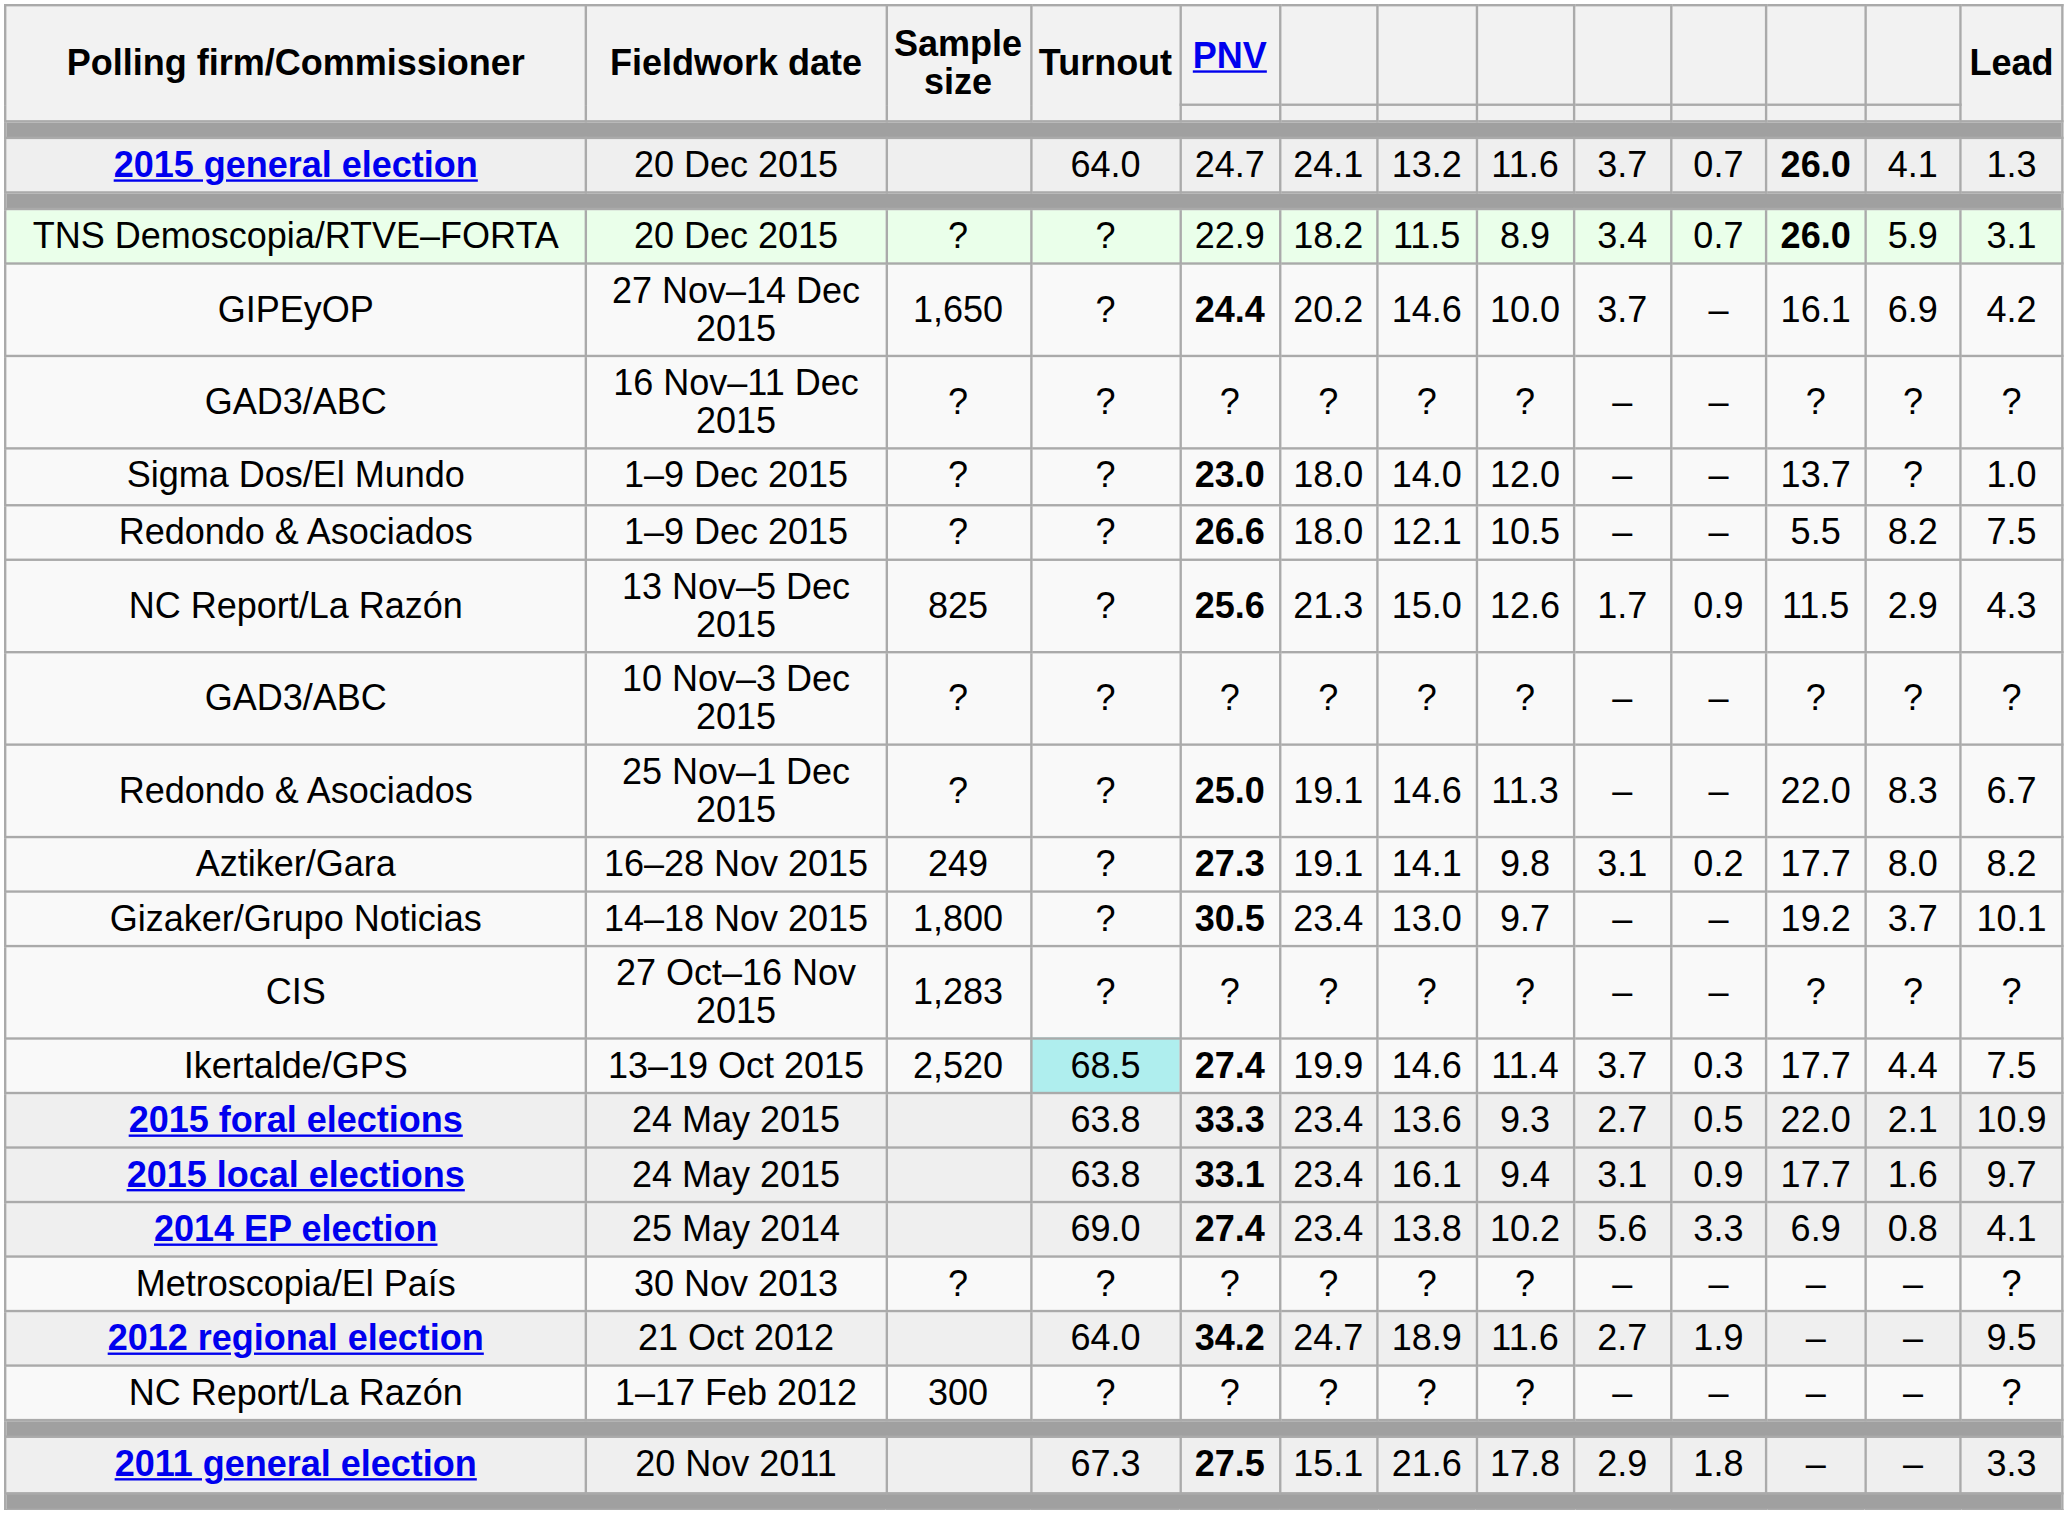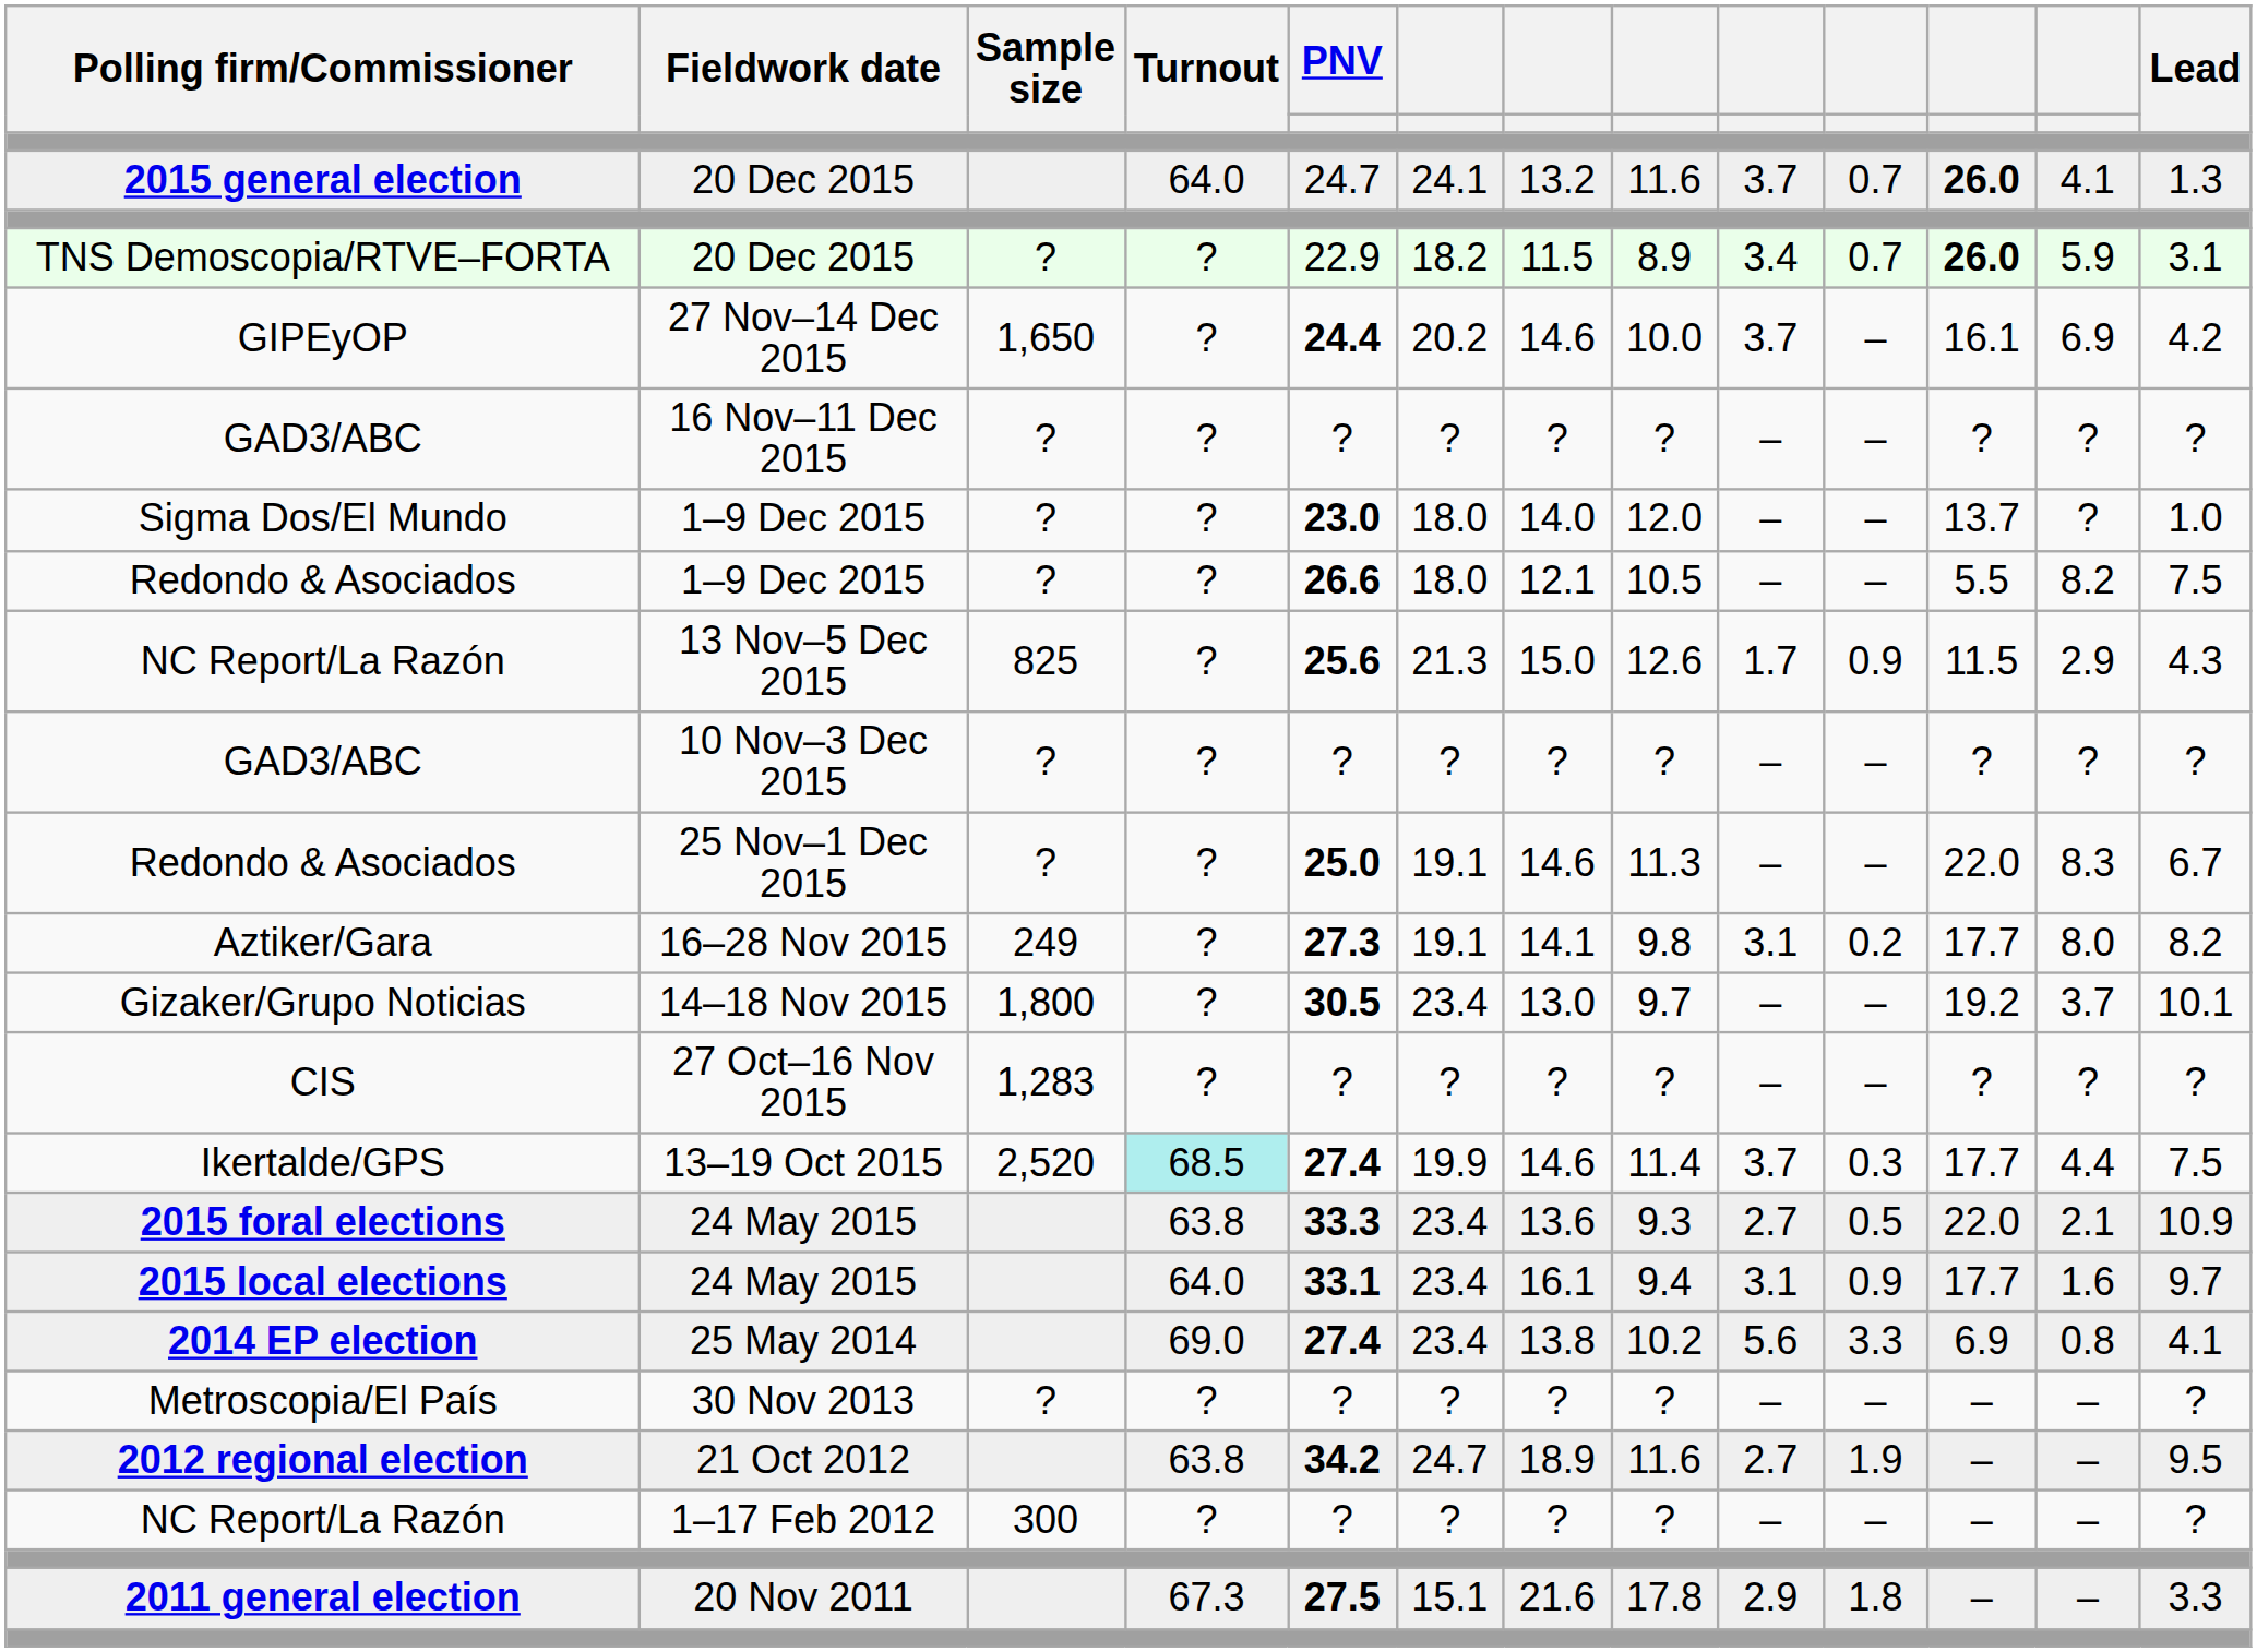 <table class="wikitable collapsible collapsed" style="text-align:center; font-size:95%; line-height:16px;">
 <tr style="height:42px; background-color:#E9E9E9">
 <th style="width:250px;" rowspan="2">Polling firm/Commissioner</th>
 <th style="width:125px;" rowspan="2">Fieldwork date</th>
 <th style="width:50px;" rowspan="2">Sample size</th>
 <th style="width:45px;" rowspan="2">Turnout</th>
 <th style="width:35px;"><a href='#'>PNV</a></th>
 <th style="width:35px;"><br></th>
 <th style="width:35px;"></th>
 <th style="width:35px;"></th>
 <th style="width:35px;"></th>
 <th style="width:35px;"></th>
 <th style="width:35px;"></th>
 <th style="width:35px;"></th>
 <th style="width:30px;" rowspan="2">Lead</th>
 </tr>
 <tr>
 <th style="color:inherit;background:"></th>
 <th style="color:inherit;background:"></th>
 <th style="color:inherit;background:"></th>
 <th style="color:inherit;background:"></th>
 <th style="color:inherit;background:"></th>
 <th style="color:inherit;background:"></th>
 <th style="color:inherit;background:"></th>
 <th style="color:inherit;background:"></th>
 </tr>
 <tr>
 <td colspan="13" style="background:#A0A0A0"></td>
 </tr>
 <tr style="background:#EFEFEF;">
 <td><strong><a href='#'>2015 general election</a></strong></td>
 <td>20 Dec 2015</td>
 <td></td>
 <td>64.0</td>
 <td>24.7<br></td>
 <td>24.1<br></td>
 <td>13.2<br></td>
 <td>11.6<br></td>
 <td>3.7<br></td>
 <td>0.7<br></td>
 <td><strong>26.0</strong><br></td>
 <td>4.1<br></td>
 <td style="background:">1.3</td>
 </tr>
 <tr>
 <td colspan="13" style="background:#A0A0A0"></td>
 </tr>
 <tr style="background:#EAFFEA;">
 <td>TNS Demoscopia/RTVE–FORTA</td>
 <td>20 Dec 2015</td>
 <td>?</td>
 <td>?</td>
 <td>22.9<br></td>
 <td>18.2<br></td>
 <td>11.5<br></td>
 <td>8.9<br></td>
 <td>3.4<br></td>
 <td>0.7<br></td>
 <td><strong>26.0</strong><br></td>
 <td>5.9<br></td>
 <td style="background:">3.1</td>
 </tr>
 <tr>
 <td>GIPEyOP</td>
 <td>27 Nov–14 Dec 2015</td>
 <td>1,650</td>
 <td>?</td>
 <td><strong>24.4</strong><br></td>
 <td>20.2<br></td>
 <td>14.6</td>
 <td>10.0<br></td>
 <td>3.7<br></td>
 <td>–</td>
 <td>16.1<br></td>
 <td>6.9<br></td>
 <td style="background:">4.2</td>
 </tr>
 <tr>
 <td>GAD3/ABC</td>
 <td>16 Nov–11 Dec 2015</td>
 <td>?</td>
 <td>?</td>
 <td>?<br></td>
 <td>?<br></td>
 <td>?<br></td>
 <td>?<br></td>
 <td>–</td>
 <td>–</td>
 <td>?<br></td>
 <td>?<br></td>
 <td style="background:">?</td>
 </tr>
 <tr>
 <td>Sigma Dos/El Mundo</td>
 <td>1–9 Dec 2015</td>
 <td>?</td>
 <td>?</td>
 <td><strong>23.0</strong><br></td>
 <td>18.0<br></td>
 <td>14.0<br></td>
 <td>12.0<br></td>
 <td>–</td>
 <td>–</td>
 <td>13.7<br></td>
 <td>?<br></td>
 <td style="background:">1.0</td>
 </tr>
 <tr>
 <td>Redondo & Asociados</td>
 <td>1–9 Dec 2015</td>
 <td>?</td>
 <td>?</td>
 <td><strong>26.6</strong><br></td>
 <td>18.0<br></td>
 <td>12.1<br></td>
 <td>10.5<br></td>
 <td>–</td>
 <td>–</td>
 <td>5.5</td>
 <td>8.2<br></td>
 <td style="background:">7.5</td>
 </tr>
 <tr>
 <td>NC Report/La Razón</td>
 <td>13 Nov–5 Dec 2015</td>
 <td>825</td>
 <td>?</td>
 <td><strong>25.6</strong><br></td>
 <td>21.3<br></td>
 <td>15.0<br></td>
 <td>12.6<br></td>
 <td>1.7<br></td>
 <td>0.9<br></td>
 <td>11.5<br></td>
 <td>2.9<br></td>
 <td style="background:">4.3</td>
 </tr>
 <tr>
 <td>GAD3/ABC</td>
 <td>10 Nov–3 Dec 2015</td>
 <td>?</td>
 <td>?</td>
 <td>?<br></td>
 <td>?<br></td>
 <td>?<br></td>
 <td>?<br></td>
 <td>–</td>
 <td>–</td>
 <td>?<br></td>
 <td>?<br></td>
 <td style="background:">?</td>
 </tr>
 <tr>
 <td>Redondo & Asociados</td>
 <td>25 Nov–1 Dec 2015</td>
 <td>?</td>
 <td>?</td>
 <td><strong>25.0</strong><br></td>
 <td>19.1<br></td>
 <td>14.6<br></td>
 <td>11.3<br></td>
 <td>–</td>
 <td>–</td>
 <td>22.0<br></td>
 <td>8.3<br></td>
 <td style="background:">6.7</td>
 </tr>
 <tr>
 <td>Aztiker/Gara</td>
 <td>16–28 Nov 2015</td>
 <td>249</td>
 <td>?</td>
 <td><strong>27.3</strong><br></td>
 <td>19.1<br></td>
 <td>14.1<br></td>
 <td>9.8<br></td>
 <td>3.1<br></td>
 <td>0.2<br></td>
 <td>17.7<br></td>
 <td>8.0<br></td>
 <td style="background:">8.2</td>
 </tr>
 <tr>
 <td>Gizaker/Grupo Noticias</td>
 <td>14–18 Nov 2015</td>
 <td>1,800</td>
 <td>?</td>
 <td><strong>30.5</strong><br></td>
 <td>23.4</td>
 <td>13.0<br></td>
 <td>9.7<br></td>
 <td>–</td>
 <td>–</td>
 <td>19.2<br></td>
 <td>3.7<br></td>
 <td style="background:">10.1</td>
 </tr>
 <tr>
 <td>CIS</td>
 <td>27 Oct–16 Nov 2015</td>
 <td>1,283</td>
 <td>?</td>
 <td>?<br></td>
 <td>?<br></td>
 <td>?<br></td>
 <td>?<br></td>
 <td>–</td>
 <td>–</td>
 <td>?<br></td>
 <td>?<br></td>
 <td style="background:">?</td>
 </tr>
 <tr>
 <td>Ikertalde/GPS</td>
 <td>13–19 Oct 2015</td>
 <td>2,520</td>
 <td style="background: paleturquoise;">68.5</td>
 <td><strong>27.4</strong><br></td>
 <td>19.9<br></td>
 <td>14.6<br></td>
 <td>11.4<br></td>
 <td>3.7<br></td>
 <td>0.3<br></td>
 <td>17.7<br></td>
 <td>4.4<br></td>
 <td style="background:">7.5</td>
 </tr>
 <tr style="background:#EFEFEF;">
 <td><strong><a href='#'>2015 foral elections</a></strong></td>
 <td>24 May 2015</td>
 <td></td>
 <td>63.8</td>
 <td><strong>33.3</strong><br></td>
 <td>23.4<br></td>
 <td>13.6<br></td>
 <td>9.3<br></td>
 <td>2.7<br></td>
 <td>0.5<br></td>
 <td>22.0<br></td>
 <td>2.1<br></td>
 <td style="background:">10.9</td>
 </tr>
 <tr style="background:#EFEFEF;">
 <td><strong><a href='#'>2015 local elections</a></strong></td>
 <td>24 May 2015</td>
 <td></td>
-<td>63.8</td>
+<td>64.0</td>
 <td><strong>33.1</strong></td>
 <td>23.4</td>
 <td>16.1<br></td>
 <td>9.4</td>
 <td>3.1</td>
 <td>0.9<br></td>
 <td>17.7<br></td>
 <td>1.6</td>
 <td style="background:">9.7</td>
 </tr>
 <tr style="background:#EFEFEF;">
 <td><strong><a href='#'>2014 EP election</a></strong></td>
 <td>25 May 2014</td>
 <td></td>
 <td>69.0</td>
 <td><strong>27.4</strong><br></td>
 <td>23.4<br></td>
 <td>13.8<br></td>
 <td>10.2<br></td>
 <td>5.6<br></td>
 <td>3.3<br></td>
 <td>6.9<br></td>
 <td>0.8<br></td>
 <td style="background:">4.1</td>
 </tr>
 <tr>
 <td>Metroscopia/El País</td>
 <td>30 Nov 2013</td>
 <td>?</td>
 <td>?</td>
 <td>?<br></td>
 <td>?<br></td>
 <td>?<br></td>
 <td>?<br></td>
 <td>–</td>
 <td>–</td>
 <td>–</td>
 <td>–</td>
 <td style="background:">?</td>
 </tr>
 <tr style="background:#EFEFEF;">
 <td><strong><a href='#'>2012 regional election</a></strong></td>
 <td>21 Oct 2012</td>
 <td></td>
-<td>64.0</td>
+<td>63.8</td>
 <td><strong>34.2</strong><br></td>
 <td>24.7<br></td>
 <td>18.9<br></td>
 <td>11.6<br></td>
 <td>2.7<br></td>
 <td>1.9<br></td>
 <td>–</td>
 <td>–</td>
 <td style="background:">9.5</td>
 </tr>
 <tr>
 <td>NC Report/La Razón</td>
 <td>1–17 Feb 2012</td>
 <td>300</td>
 <td>?</td>
 <td>?<br></td>
 <td>?<br></td>
 <td>?<br></td>
 <td>?<br></td>
 <td>–</td>
 <td>–</td>
 <td>–</td>
 <td>–</td>
 <td style="background:">?</td>
 </tr>
 <tr>
 <td colspan="13" style="background:#A0A0A0"></td>
 </tr>
 <tr style="background:#EFEFEF;">
 <td><strong><a href='#'>2011 general election</a></strong></td>
 <td>20 Nov 2011</td>
 <td></td>
 <td>67.3</td>
 <td><strong>27.5</strong><br></td>
 <td>15.1<br></td>
 <td>21.6<br></td>
 <td>17.8<br></td>
 <td>2.9<br></td>
 <td>1.8<br></td>
 <td>–</td>
 <td>–</td>
 <td style="background:">3.3</td>
 </tr>
 <tr>
 <td colspan="13" style="background:#A0A0A0"></td>
 </tr>
 </table>
